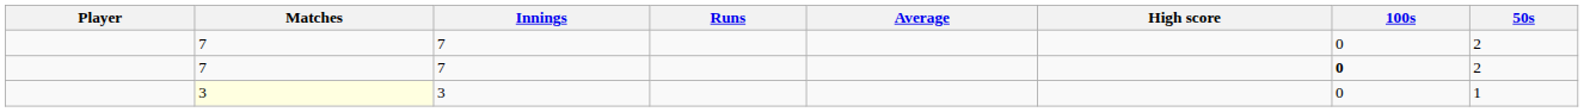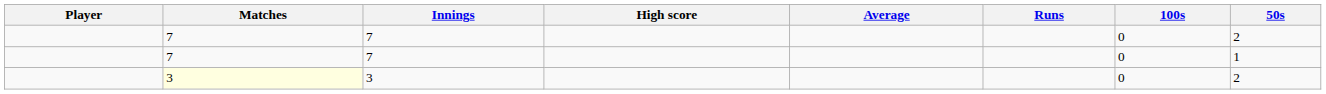 <table class="wikitable sortable" style="width:80%;">
 <tr>
 <th>Player</th>
 <th>Matches</th>
 <th><a href='#'>Innings</a></th>
+<th>High score</th>
+<th><a href='#'>Average</a></th>
 <th><a href='#'>Runs</a></th>
-<th><a href='#'>Average</a></th>
-<th>High score</th>
 <th><a href='#'>100s</a></th>
 <th><a href='#'>50s</a></th>
 </tr>
 <tr>
 <td></td>
 <td>7</td>
 <td>7</td>
 <td></td>
 <td></td>
 <td></td>
 <td>0</td>
 <td>2</td>
 </tr>
 <tr>
 <td></td>
 <td>7</td>
 <td>7</td>
 <td></td>
 <td></td>
 <td></td>
-<td><strong>0</strong></td>
-<td>2</td>
+<td>0</td>
+<td>1</td>
 </tr>
 <tr>
 <td></td>
 <td style="background: lightyellow;">3</td>
 <td>3</td>
 <td></td>
 <td></td>
 <td></td>
 <td>0</td>
-<td>1</td>
+<td>2</td>
 </tr>
 </table>
